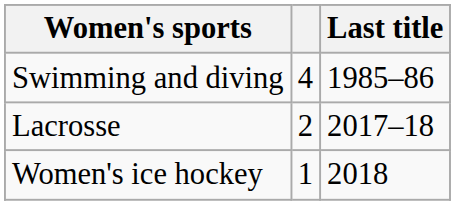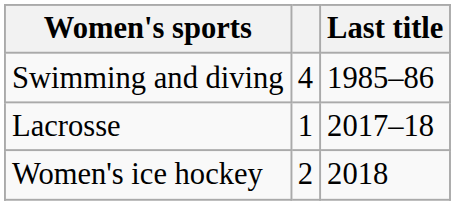 <table class="wikitable">
 <tr>
 <th>Women's sports</th>
 <th></th>
 <th>Last title</th>
 </tr>
 <tr>
 <td>Swimming and diving</td>
 <td>4</td>
 <td>1985–86</td>
 </tr>
 <tr>
 <td>Lacrosse</td>
-<td>2</td>
+<td>1</td>
 <td>2017–18</td>
 </tr>
 <tr>
 <td>Women's ice hockey</td>
-<td>1</td>
+<td>2</td>
 <td>2018</td>
 </tr>
 </table>
